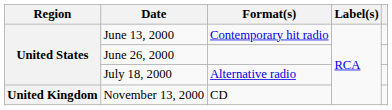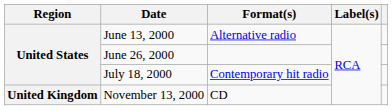 <table class="wikitable plainrowheaders">
 <tr>
 <th scope="col">Region</th>
 <th scope="col">Date</th>
 <th scope="col">Format(s)</th>
 <th scope="col">Label(s)</th>
 <th scope="col"></th>
 </tr>
 <tr>
 <th scope="row" rowspan="3">United States</th>
 <td>June 13, 2000</td>
-<td><a href='#'>Contemporary hit radio</a></td>
+<td><a href='#'>Alternative radio</a></td>
 <td rowspan="4"><a href='#'>RCA</a></td>
 <td align="center"></td>
 </tr>
 <tr>
 <td>June 26, 2000</td>
 <td></td>
 <td align="center"></td>
 </tr>
 <tr>
 <td>July 18, 2000</td>
-<td><a href='#'>Alternative radio</a></td>
+<td><a href='#'>Contemporary hit radio</a></td>
 <td align="center"></td>
 </tr>
 <tr>
 <th scope="row">United Kingdom</th>
 <td>November 13, 2000</td>
 <td>CD</td>
 <td align="center"></td>
 </tr>
 </table>
